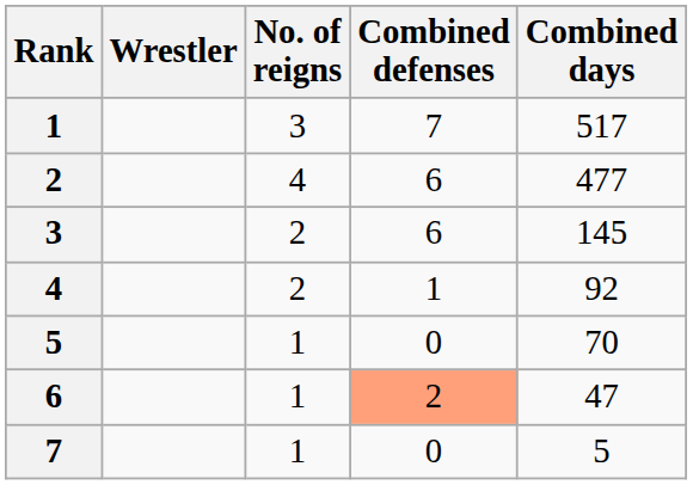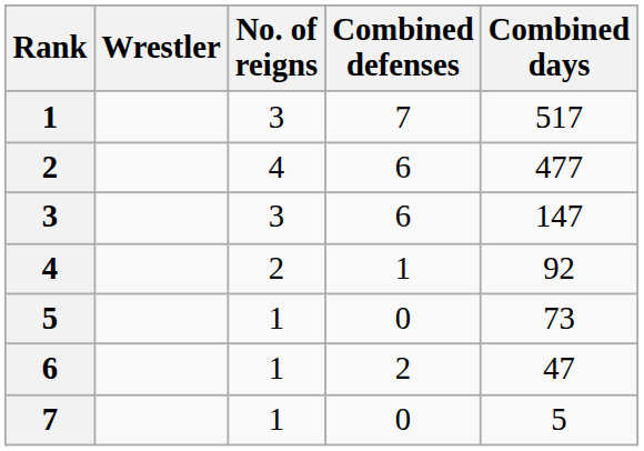 <table class="wikitable sortable" style="text-align: center">
 <tr>
 <th>Rank</th>
 <th>Wrestler</th>
 <th>No. of<br>reigns</th>
 <th>Combined<br>defenses</th>
 <th>Combined<br>days</th>
 </tr>
 <tr>
 <th>1</th>
 <td></td>
 <td>3</td>
 <td>7</td>
 <td>517</td>
 </tr>
 <tr>
 <th>2</th>
 <td></td>
 <td>4</td>
 <td>6</td>
 <td>477</td>
 </tr>
 <tr>
 <th>3</th>
 <td></td>
-<td>2</td>
+<td>3</td>
 <td>6</td>
-<td>145</td>
+<td>147</td>
 </tr>
 <tr>
 <th>4</th>
 <td></td>
 <td>2</td>
 <td>1</td>
 <td>92</td>
 </tr>
 <tr>
 <th>5</th>
 <td></td>
 <td>1</td>
 <td>0</td>
-<td>70</td>
+<td>73</td>
 </tr>
 <tr>
 <th>6</th>
 <td></td>
 <td>1</td>
-<td style="background: lightsalmon;">2</td>
+<td>2</td>
 <td>47</td>
 </tr>
 <tr>
 <th>7</th>
 <td></td>
 <td>1</td>
 <td>0</td>
 <td>5</td>
 </tr>
 </table>
